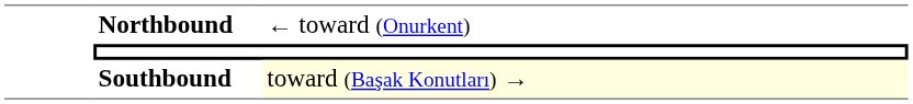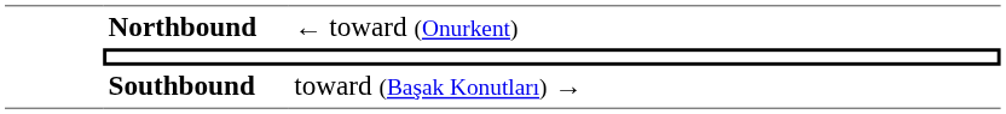 <table table border=0 cellspacing=0 cellpadding=3>
 <tr>
 <td style="border-top:solid 1px gray;border-bottom:solid 1px gray;" width=50 rowspan=3 valign=top></td>
 <td style="border-top:solid 1px gray;" width=100><strong>Northbound</strong></td>
 <td style="border-top:solid 1px gray;" width=400>←  toward  <small>(<a href='#'>Onurkent</a>)</small></td>
 </tr>
 <tr>
 <td style="border-top:solid 2px black;border-right:solid 2px black;border-left:solid 2px black;border-bottom:solid 2px black;text-align:center;" colspan=2></td>
 </tr>
 <tr>
 <td style="border-bottom:solid 1px gray;"><strong>Southbound</strong></td>
-<td style="background: lightyellow; border-bottom:solid 1px gray;"> toward  <small>(<a href='#'>Başak Konutları</a>)</small> →</td>
+<td style="border-bottom:solid 1px gray;"> toward  <small>(<a href='#'>Başak Konutları</a>)</small> →</td>
 </tr>
 </table>
